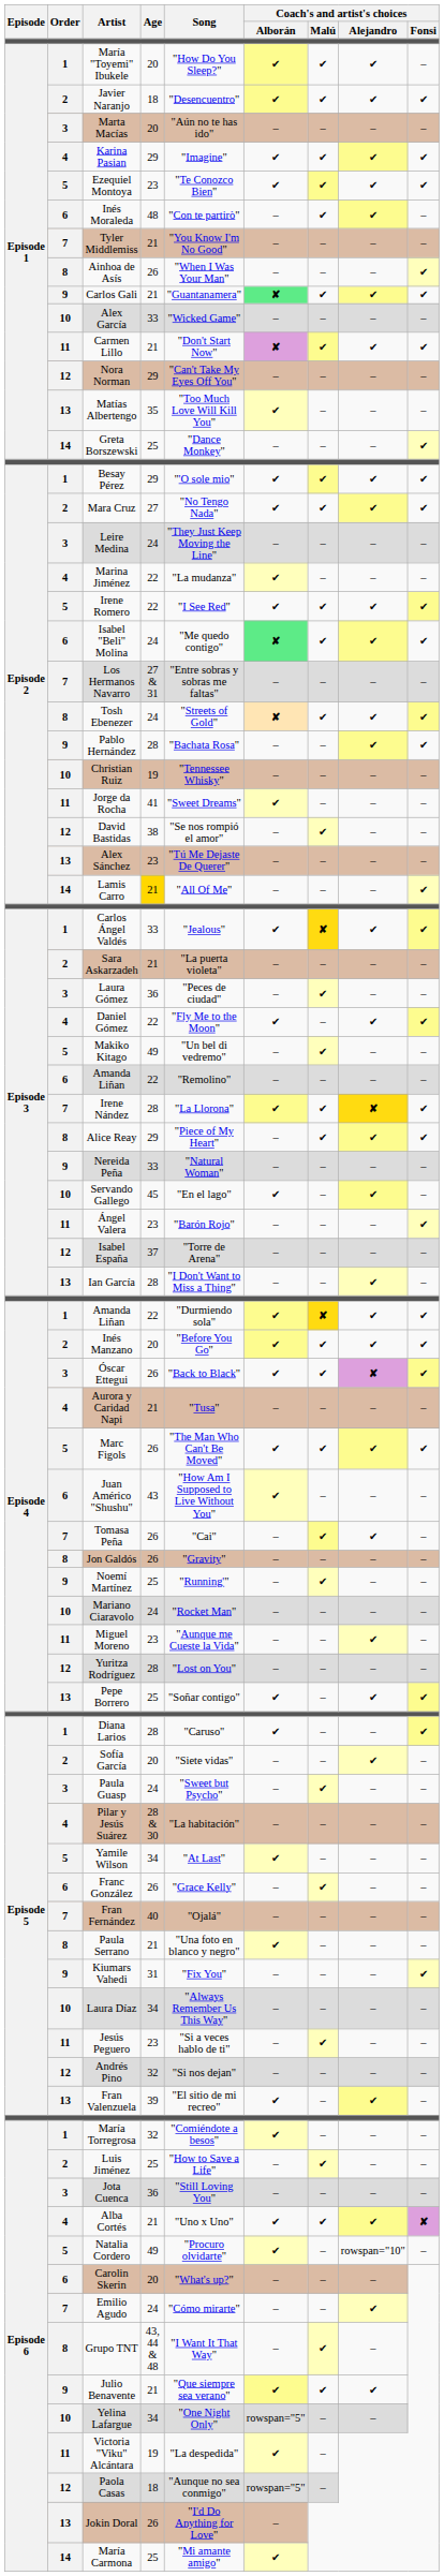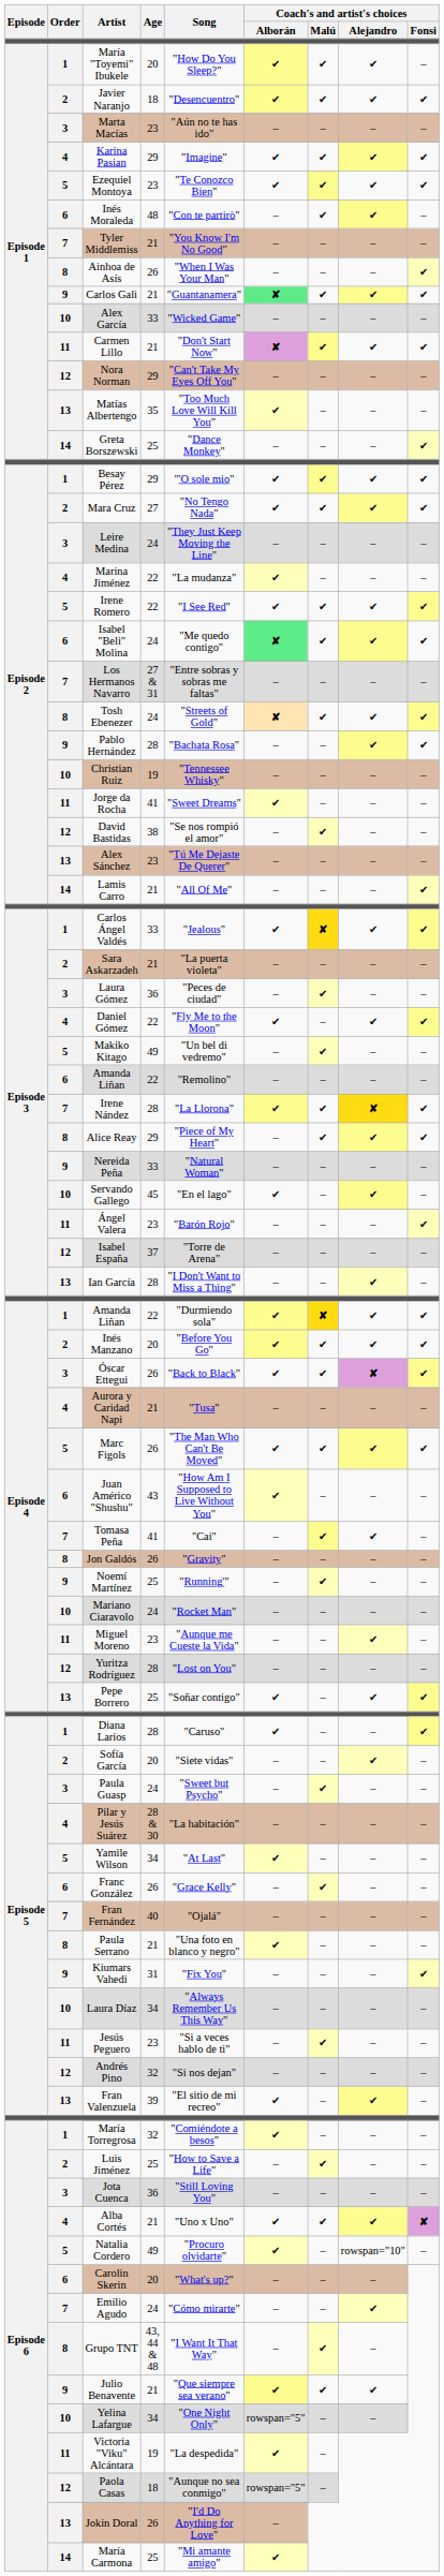 <table class="wikitable" style="text-align:center; line-height:17px; width:100%">
 <tr>
 <th scope="col" rowspan="2" width="04%">Episode</th>
 <th scope="col" rowspan="2" width="02%">Order</th>
 <th scope="col" rowspan="2" width="15%">Artist</th>
 <th scope="col" rowspan="2" width="04%">Age</th>
 <th rowspan="2" scope="col" width="18%">Song</th>
 <th scope="col" colspan="4" width="24%">Coach's and artist's choices</th>
 </tr>
 <tr>
 <th style="width:06%">Alborán</th>
 <th style="width:06%">Malú</th>
 <th style="width:06%">Alejandro</th>
 <th style="width:06%">Fonsi</th>
 </tr>
 <tr>
 <td colspan="9" style="background:#555555"></td>
 </tr>
 <tr>
 <th scope="row" rowspan="14">Episode 1<br></th>
 <th scope="row">1</th>
 <td>María "Toyemi" Ibukele</td>
 <td>20</td>
 <td>"<a href='#'>How Do You Sleep?</a>"</td>
 <td style="background:#fdfc8f">✔</td>
 <td>✔</td>
 <td>✔</td>
 <td>–</td>
 </tr>
 <tr>
 <th scope="row">2</th>
 <td>Javier Naranjo</td>
 <td>18</td>
 <td>"<a href='#'>Desencuentro</a>"</td>
 <td style="background:#fdfc8f">✔</td>
 <td>✔</td>
 <td>✔</td>
 <td>✔</td>
 </tr>
 <tr style="background:#dbbba4">
 <th scope="row">3</th>
 <td>Marta Macías</td>
-<td>20</td>
+<td>23</td>
 <td>"Aún no te has ido"</td>
 <td>–</td>
 <td>–</td>
 <td>–</td>
 <td>–</td>
 </tr>
 <tr>
 <th scope="row">4</th>
 <td><a href='#'>Karina Pasian</a></td>
 <td>29</td>
 <td>"<a href='#'>Imagine</a>"</td>
 <td>✔</td>
 <td>✔</td>
 <td style="background:#fdfc8f">✔</td>
 <td>✔</td>
 </tr>
 <tr>
 <th scope="row">5</th>
 <td>Ezequiel Montoya</td>
 <td>23</td>
 <td>"<a href='#'>Te Conozco Bien</a>"</td>
 <td>✔</td>
 <td style="background:#fdfc8f">✔</td>
 <td>✔</td>
 <td>✔</td>
 </tr>
 <tr>
 <th scope="row">6</th>
 <td>Inés Moraleda</td>
 <td>48</td>
 <td>"<a href='#'>Con te partirò</a>"</td>
 <td>–</td>
 <td>✔</td>
 <td style="background:#fdfc8f">✔</td>
 <td>–</td>
 </tr>
 <tr style="background:#dbbba4">
 <th scope="row">7</th>
 <td>Tyler Middlemiss</td>
 <td>21</td>
 <td>"<a href='#'>You Know I'm No Good</a>"</td>
 <td>–</td>
 <td>–</td>
 <td>–</td>
 <td>–</td>
 </tr>
 <tr>
 <th scope="row">8</th>
 <td>Ainhoa de Asís</td>
 <td>26</td>
 <td>"<a href='#'>When I Was Your Man</a>"</td>
 <td>–</td>
 <td>–</td>
 <td>–</td>
 <td style="background:#ffffbc">✔</td>
 </tr>
 <tr>
 <th scope="row">9</th>
 <td>Carlos Gali</td>
 <td>21</td>
 <td>"<a href='#'>Guantanamera</a>"</td>
 <td style="background:#5deb87"><strong>✘</strong></td>
 <td>✔</td>
 <td style="background:#fdfc8f">✔</td>
 <td>✔</td>
 </tr>
 <tr style="background:#dcdcdc">
 <th scope="row">10</th>
 <td>Alex García</td>
 <td>33</td>
 <td>"<a href='#'>Wicked Game</a>"</td>
 <td>–</td>
 <td>–</td>
 <td>–</td>
 <td>–</td>
 </tr>
 <tr>
 <th scope="row">11</th>
 <td>Carmen Lillo</td>
 <td>21</td>
 <td>"<a href='#'>Don't Start Now</a>"</td>
 <td style="background:#dda0dd"><strong>✘</strong></td>
 <td style="background:#fdfc8f">✔</td>
 <td>✔</td>
 <td>✔</td>
 </tr>
 <tr style="background:#dbbba4">
 <th scope="row">12</th>
 <td>Nora Norman</td>
 <td>29</td>
 <td>"<a href='#'>Can't Take My Eyes Off You</a>"</td>
 <td>–</td>
 <td>–</td>
 <td>–</td>
 <td>–</td>
 </tr>
 <tr>
 <th scope="row">13</th>
 <td>Matías Albertengo</td>
 <td>35</td>
 <td>"<a href='#'>Too Much Love Will Kill You</a>"</td>
 <td style="background:#ffffbc">✔</td>
 <td>–</td>
 <td>–</td>
 <td>–</td>
 </tr>
 <tr>
 <th scope="row">14</th>
 <td>Greta Borszewski</td>
 <td>25</td>
 <td>"<a href='#'>Dance Monkey</a>"</td>
 <td>–</td>
 <td>–</td>
 <td>–</td>
 <td style="background:#ffffbc">✔</td>
 </tr>
 <tr>
 <td colspan="9" style="background:#555555"></td>
 </tr>
 <tr>
 <th rowspan="14">Episode 2<br></th>
 <th>1</th>
 <td>Besay Pérez</td>
 <td>29</td>
 <td>"<a href='#'>'O sole mio</a>"</td>
 <td>✔</td>
 <td style="background:#fdfc8f">✔</td>
 <td>✔</td>
 <td>✔</td>
 </tr>
 <tr>
 <th>2</th>
 <td>Mara Cruz</td>
 <td>27</td>
 <td>"<a href='#'>No Tengo Nada</a>"</td>
 <td>✔</td>
 <td>✔</td>
 <td style="background:#fdfc8f">✔</td>
 <td>✔</td>
 </tr>
 <tr style="background:#dcdcdc">
 <th>3</th>
 <td>Leire Medina</td>
 <td>24</td>
 <td>"<a href='#'>They Just Keep Moving the Line</a>"</td>
 <td>–</td>
 <td>–</td>
 <td>–</td>
 <td>–</td>
 </tr>
 <tr>
 <th>4</th>
 <td>Marina Jiménez</td>
 <td>22</td>
 <td>"La mudanza"</td>
 <td style="background:#ffffbc">✔</td>
 <td>–</td>
 <td>–</td>
 <td>–</td>
 </tr>
 <tr>
 <th>5</th>
 <td>Irene Romero</td>
 <td>22</td>
 <td>"<a href='#'>I See Red</a>"</td>
 <td>✔</td>
 <td>✔</td>
 <td>✔</td>
 <td style="background:#fdfc8f">✔</td>
 </tr>
 <tr>
 <th>6</th>
 <td>Isabel "Beli" Molina</td>
 <td>24</td>
 <td>"Me quedo contigo"</td>
 <td style="background:#5deb87"><strong>✘</strong></td>
 <td>✔</td>
 <td style="background:#fdfc8f">✔</td>
 <td>✔</td>
 </tr>
 <tr style="background:#dcdcdc">
 <th>7</th>
 <td>Los Hermanos Navarro</td>
 <td>27 & 31</td>
 <td>"Entre sobras y sobras me faltas"</td>
 <td>–</td>
 <td>–</td>
 <td>–</td>
 <td>–</td>
 </tr>
 <tr>
 <th>8</th>
 <td>Tosh Ebenezer</td>
 <td>24</td>
 <td>"<a href='#'>Streets of Gold</a>"</td>
 <td style="background:#ffe5b4"><strong>✘</strong></td>
 <td>✔</td>
 <td>✔</td>
 <td style="background:#fdfc8f">✔</td>
 </tr>
 <tr>
 <th>9</th>
 <td>Pablo Hernández</td>
 <td>28</td>
 <td>"<a href='#'>Bachata Rosa</a>"</td>
 <td>–</td>
 <td>–</td>
 <td style="background:#fdfc8f">✔</td>
 <td>✔</td>
 </tr>
 <tr style="background:#dbbba4">
 <th>10</th>
 <td>Christian Ruiz</td>
 <td>19</td>
 <td>"<a href='#'>Tennessee Whisky</a>"</td>
 <td>–</td>
 <td>–</td>
 <td>–</td>
 <td>–</td>
 </tr>
 <tr>
 <th>11</th>
 <td>Jorge da Rocha</td>
 <td>41</td>
 <td>"<a href='#'>Sweet Dreams</a>"</td>
 <td style="background:#ffffbc">✔</td>
 <td>–</td>
 <td>–</td>
 <td>–</td>
 </tr>
 <tr>
 <th>12</th>
 <td>David Bastidas</td>
 <td>38</td>
 <td>"Se nos rompió el amor"</td>
 <td>–</td>
 <td style="background:#ffffbc">✔</td>
 <td>–</td>
 <td>–</td>
 </tr>
 <tr style="background:#dbbba4">
 <th>13</th>
 <td>Alex Sánchez</td>
 <td>23</td>
 <td>"<a href='#'>Tú Me Dejaste De Querer</a>"</td>
 <td>–</td>
 <td>–</td>
 <td>–</td>
 <td>–</td>
 </tr>
 <tr>
 <th>14</th>
 <td>Lamis Carro</td>
-<td style="background: gold;">21</td>
+<td>21</td>
 <td>"<a href='#'>All Of Me</a>"</td>
 <td>–</td>
 <td>–</td>
 <td>–</td>
 <td style="background:#ffffbc">✔</td>
 </tr>
 <tr>
 <td colspan="9" style="background:#555555"></td>
 </tr>
 <tr>
 <th rowspan="13">Episode 3<br></th>
 <th>1</th>
 <td>Carlos Ángel Valdés</td>
 <td>33</td>
 <td>"<a href='#'>Jealous</a>"</td>
 <td>✔</td>
 <td style="background:#ffdb11"><strong>✘</strong></td>
 <td>✔</td>
 <td style="background:#fdfc8f">✔</td>
 </tr>
 <tr style="background:#dbbba4">
 <th>2</th>
 <td>Sara Askarzadeh</td>
 <td>21</td>
 <td>"La puerta violeta"</td>
 <td>–</td>
 <td>–</td>
 <td>–</td>
 <td>–</td>
 </tr>
 <tr>
 <th>3</th>
 <td>Laura Gómez</td>
 <td>36</td>
 <td>"Peces de ciudad"</td>
 <td>–</td>
 <td style="background:#ffffbc">✔</td>
 <td>–</td>
 <td>–</td>
 </tr>
 <tr>
 <th>4</th>
 <td>Daniel Gómez</td>
 <td>22</td>
 <td>"<a href='#'>Fly Me to the Moon</a>"</td>
 <td>✔</td>
 <td>–</td>
 <td>✔</td>
 <td style="background:#fdfc8f">✔</td>
 </tr>
 <tr>
 <th>5</th>
 <td>Makiko Kitago</td>
 <td>49</td>
 <td>"Un bel di vedremo"</td>
 <td>–</td>
 <td style="background:#ffffbc">✔</td>
 <td>–</td>
 <td>–</td>
 </tr>
 <tr style="background:#dcdcdc">
 <th>6</th>
 <td>Amanda Liñan</td>
 <td>22</td>
 <td>"Remolino"</td>
 <td>–</td>
 <td>–</td>
 <td>–</td>
 <td>–</td>
 </tr>
 <tr>
 <th>7</th>
 <td>Irene Nández</td>
 <td>28</td>
 <td>"<a href='#'>La Llorona</a>"</td>
 <td style="background:#fdfc8f">✔</td>
 <td>✔</td>
 <td style="background:#ffdb11"><strong>✘</strong></td>
 <td>✔</td>
 </tr>
 <tr>
 <th>8</th>
 <td>Alice Reay</td>
 <td>29</td>
 <td>"<a href='#'>Piece of My Heart</a>"</td>
 <td>–</td>
 <td>✔</td>
 <td style="background:#fdfc8f">✔</td>
 <td>✔</td>
 </tr>
 <tr style="background:#dcdcdc">
 <th>9</th>
 <td>Nereida Peña</td>
 <td>33</td>
 <td>"<a href='#'>Natural Woman</a>"</td>
 <td>–</td>
 <td>–</td>
 <td>–</td>
 <td>–</td>
 </tr>
 <tr>
 <th>10</th>
 <td>Servando Gallego</td>
 <td>45</td>
 <td>"En el lago"</td>
 <td>✔</td>
 <td>–</td>
 <td style="background:#fdfc8f">✔</td>
 <td>–</td>
 </tr>
 <tr>
 <th>11</th>
 <td>Ángel Valera</td>
 <td>23</td>
 <td>"<a href='#'>Barón Rojo</a>"</td>
 <td>–</td>
 <td>–</td>
 <td>–</td>
 <td style="background:#ffffbc">✔</td>
 </tr>
 <tr style="background:#dcdcdc">
 <th>12</th>
 <td>Isabel España</td>
 <td>37</td>
 <td>"Torre de Arena"</td>
 <td>–</td>
 <td>–</td>
 <td>–</td>
 <td>–</td>
 </tr>
 <tr>
 <th>13</th>
 <td>Ian García</td>
 <td>28</td>
 <td>"<a href='#'>I Don't Want to Miss a Thing</a>"</td>
 <td>–</td>
 <td>–</td>
 <td style="background:#ffffbc">✔</td>
 <td>–</td>
 </tr>
 <tr>
 <td colspan="9" style="background:#555555"></td>
 </tr>
 <tr>
 <th rowspan="13">Episode 4<br></th>
 <th>1</th>
 <td>Amanda Liñan</td>
 <td>22</td>
 <td>"Durmiendo sola"</td>
 <td style="background:#fdfc8f">✔</td>
 <td style="background:#ffdb11"><strong>✘</strong></td>
 <td>✔</td>
 <td>✔</td>
 </tr>
 <tr>
 <th>2</th>
 <td>Inés Manzano</td>
 <td>20</td>
 <td>"<a href='#'>Before You Go</a>"</td>
 <td style="background:#fdfc8f">✔</td>
 <td>✔</td>
 <td>✔</td>
 <td>✔</td>
 </tr>
 <tr>
 <th>3</th>
 <td>Óscar Ettegui</td>
 <td>26</td>
 <td>"<a href='#'>Back to Black</a>"</td>
 <td>✔</td>
 <td>✔</td>
 <td style="background:#dda0dd"><strong>✘</strong></td>
 <td style="background:#fdfc8f">✔</td>
 </tr>
 <tr style="background:#dbbba4">
 <th>4</th>
 <td>Aurora y Caridad Napi</td>
 <td>21</td>
 <td>"<a href='#'>Tusa</a>"</td>
 <td>–</td>
 <td>–</td>
 <td>–</td>
 <td>–</td>
 </tr>
 <tr>
 <th>5</th>
 <td>Marc Figols</td>
 <td>26</td>
 <td>"<a href='#'>The Man Who Can't Be Moved</a>"</td>
 <td>✔</td>
 <td>✔</td>
 <td style="background:#fdfc8f">✔</td>
 <td>✔</td>
 </tr>
 <tr>
 <th>6</th>
 <td>Juan Américo "Shushu"</td>
 <td>43</td>
 <td>"<a href='#'>How Am I Supposed to Live Without You</a>"</td>
 <td style="background:#ffffbc">✔</td>
 <td>–</td>
 <td>–</td>
 <td>–</td>
 </tr>
 <tr>
 <th>7</th>
 <td>Tomasa Peña</td>
-<td>26</td>
+<td>41</td>
 <td>"Cai"</td>
 <td>–</td>
 <td style="background:#fdfc8f">✔</td>
 <td>✔</td>
 <td>–</td>
 </tr>
 <tr style="background:#dbbba4">
 <th>8</th>
 <td>Jon Galdós</td>
 <td>26</td>
 <td>"<a href='#'>Gravity</a>"</td>
 <td>–</td>
 <td>–</td>
 <td>–</td>
 <td>–</td>
 </tr>
 <tr>
 <th>9</th>
 <td>Noemí Martínez</td>
 <td>25</td>
 <td>"<a href='#'>Running'</a>"</td>
 <td>–</td>
 <td style="background:#ffffbc">✔</td>
 <td>–</td>
 <td>–</td>
 </tr>
 <tr style="background:#dcdcdc">
 <th>10</th>
 <td>Mariano Ciaravolo</td>
 <td>24</td>
 <td>"<a href='#'>Rocket Man</a>"</td>
 <td>–</td>
 <td>–</td>
 <td>–</td>
 <td>–</td>
 </tr>
 <tr>
 <th>11</th>
 <td>Miguel Moreno</td>
 <td>23</td>
 <td>"<a href='#'>Aunque me Cueste la Vida</a>"</td>
 <td>–</td>
 <td>–</td>
 <td style="background:#ffffbc">✔</td>
 <td>–</td>
 </tr>
 <tr style="background:#dcdcdc">
 <th>12</th>
 <td>Yuritza Rodríguez</td>
 <td>28</td>
 <td>"<a href='#'>Lost on You</a>"</td>
 <td>–</td>
 <td>–</td>
 <td>–</td>
 <td>–</td>
 </tr>
 <tr>
 <th>13</th>
 <td>Pepe Borrero</td>
 <td>25</td>
 <td>"Soñar contigo"</td>
 <td>✔</td>
 <td>–</td>
 <td>✔</td>
 <td style="background:#fdfc8f">✔</td>
 </tr>
 <tr>
 <td colspan="9" style="background:#555555"></td>
 </tr>
 <tr>
 <th rowspan="13">Episode 5<br></th>
 <th>1</th>
 <td>Diana Larios</td>
 <td>28</td>
 <td>"Caruso"</td>
 <td>✔</td>
 <td>–</td>
 <td>–</td>
 <td style="background:#fdfc8f">✔</td>
 </tr>
 <tr>
 <th>2</th>
 <td>Sofía García</td>
 <td>20</td>
 <td>"Siete vidas"</td>
 <td>–</td>
 <td>–</td>
 <td style="background:#ffffbc">✔</td>
 <td>–</td>
 </tr>
 <tr>
 <th>3</th>
 <td>Paula Guasp</td>
 <td>24</td>
 <td>"<a href='#'>Sweet but Psycho</a>"</td>
 <td>–</td>
 <td style="background:#ffffbc">✔</td>
 <td>–</td>
 <td>–</td>
 </tr>
 <tr style="background:#dbbba4">
 <th>4</th>
 <td>Pilar y Jesús Suárez</td>
 <td>28 & 30</td>
 <td>"La habitación"</td>
 <td>–</td>
 <td>–</td>
 <td>–</td>
 <td>–</td>
 </tr>
 <tr>
 <th>5</th>
 <td>Yamile Wilson</td>
 <td>34</td>
 <td>"<a href='#'>At Last</a>"</td>
 <td style="background:#ffffbc">✔</td>
 <td>–</td>
 <td>–</td>
 <td>–</td>
 </tr>
 <tr>
 <th>6</th>
 <td>Franc González</td>
 <td>26</td>
 <td>"<a href='#'>Grace Kelly</a>"</td>
 <td>–</td>
 <td style="background:#ffffbc">✔</td>
 <td>–</td>
 <td>–</td>
 </tr>
 <tr style="background:#dbbba4">
 <th>7</th>
 <td>Fran Fernández</td>
 <td>40</td>
 <td>"Ojalá"</td>
 <td>–</td>
 <td>–</td>
 <td>–</td>
 <td>–</td>
 </tr>
 <tr>
 <th>8</th>
 <td>Paula Serrano</td>
 <td>21</td>
 <td>"Una foto en blanco y negro"</td>
 <td style="background:#ffffbc">✔</td>
 <td>–</td>
 <td>–</td>
 <td>–</td>
 </tr>
 <tr>
 <th>9</th>
 <td>Kiumars Vahedi</td>
 <td>31</td>
 <td>"<a href='#'>Fix You</a>"</td>
 <td>–</td>
 <td>–</td>
 <td>–</td>
 <td style="background:#ffffbc">✔</td>
 </tr>
 <tr style="background:#dcdcdc">
 <th>10</th>
 <td>Laura Díaz</td>
 <td>34</td>
 <td>"<a href='#'>Always Remember Us This Way</a>"</td>
 <td>–</td>
 <td>–</td>
 <td>–</td>
 <td>–</td>
 </tr>
 <tr>
 <th>11</th>
 <td>Jesús Peguero</td>
 <td>23</td>
 <td>"Si a veces hablo de ti"</td>
 <td>–</td>
 <td style="background:#ffffbc">✔</td>
 <td>–</td>
 <td>–</td>
 </tr>
 <tr style="background:#dcdcdc">
 <th>12</th>
 <td>Andrés Pino</td>
 <td>32</td>
 <td>"Si nos dejan"</td>
 <td>–</td>
 <td>–</td>
 <td>–</td>
 <td>–</td>
 </tr>
 <tr>
 <th>13</th>
 <td>Fran Valenzuela</td>
 <td>39</td>
 <td>"El sitio de mi recreo"</td>
 <td>✔</td>
 <td>–</td>
 <td style="background:#fdfc8f">✔</td>
 <td>–</td>
 </tr>
 <tr>
 <td colspan="9" style="background:#555555"></td>
 </tr>
 <tr>
 <th rowspan="14">Episode 6<br></th>
 <th>1</th>
 <td>María Torregrosa</td>
 <td>32</td>
 <td>"<a href='#'>Comiéndote a besos</a>"</td>
 <td style="background:#ffffbc">✔</td>
 <td>–</td>
 <td>–</td>
 <td>–</td>
 </tr>
 <tr>
 <th>2</th>
 <td>Luis Jiménez</td>
 <td>25</td>
 <td>"<a href='#'>How to Save a Life</a>"</td>
 <td>–</td>
 <td style="background:#ffffbc">✔</td>
 <td>–</td>
 <td>–</td>
 </tr>
 <tr style="background:#dcdcdc">
 <th>3</th>
 <td>Jota Cuenca</td>
 <td>36</td>
 <td>"<a href='#'>Still Loving You</a>"</td>
 <td>–</td>
 <td>–</td>
 <td>–</td>
 <td>–</td>
 </tr>
 <tr>
 <th>4</th>
 <td>Alba Cortés</td>
 <td>21</td>
 <td>"Uno x Uno"</td>
 <td>✔</td>
 <td>✔</td>
 <td style="background:#fdfc8f">✔</td>
 <td style="background:#dda0dd"><strong>✘</strong></td>
 </tr>
 <tr>
 <th>5</th>
 <td>Natalia Cordero</td>
 <td>49</td>
 <td>"<a href='#'>Procuro olvidarte</a>"</td>
 <td style="background:#ffffbc">✔</td>
 <td>–</td>
 <td>rowspan="10" </td>
 <td>–</td>
 </tr>
 <tr style="background:#dbbba4">
 <th>6</th>
 <td>Carolin Skerin</td>
 <td>20</td>
 <td>"<a href='#'>What's up?</a>"</td>
 <td>–</td>
 <td>–</td>
 <td>–</td>
 </tr>
 <tr>
 <th>7</th>
 <td>Emilio Agudo</td>
 <td>24</td>
 <td>"<a href='#'>Cómo mirarte</a>"</td>
 <td>–</td>
 <td>–</td>
 <td style="background:#ffffbc">✔</td>
 </tr>
 <tr>
 <th>8</th>
 <td>Grupo TNT</td>
 <td>43, 44 & 48</td>
 <td>"<a href='#'>I Want It That Way</a>"</td>
 <td>–</td>
 <td style="background:#ffffbc">✔</td>
 <td>–</td>
 </tr>
 <tr>
 <th>9</th>
 <td>Julio Benavente</td>
 <td>21</td>
 <td>"<a href='#'>Que siempre sea verano</a>"</td>
 <td style="background:#fdfc8f">✔</td>
 <td>✔</td>
 <td>✔</td>
 </tr>
 <tr style="background:#dcdcdc">
 <th>10</th>
 <td>Yelina Lafargue</td>
 <td>34</td>
 <td>"<a href='#'>One Night Only</a>"</td>
 <td>rowspan="5" </td>
 <td>–</td>
 <td>–</td>
 </tr>
 <tr>
 <th>11</th>
 <td>Victoria "Viku" Alcántara</td>
 <td>19</td>
 <td>"La despedida"</td>
 <td style="background:#ffffbc">✔</td>
 <td>–</td>
 </tr>
 <tr style="background:#dcdcdc">
 <th>12</th>
 <td>Paola Casas</td>
 <td>18</td>
 <td>"Aunque no sea conmigo"</td>
 <td>rowspan="5" </td>
 <td>–</td>
 </tr>
 <tr style="background:#dbbba4">
 <th>13</th>
 <td>Jokin Doral</td>
 <td>26</td>
 <td>"<a href='#'>I'd Do Anything for Love</a>"</td>
 <td>–</td>
 </tr>
 <tr>
 <th>14</th>
 <td>María Carmona</td>
 <td>25</td>
 <td>"<a href='#'>Mi amante amigo</a>"</td>
 <td style="background:#ffffbc">✔</td>
 </tr>
 </table>
